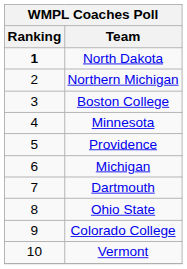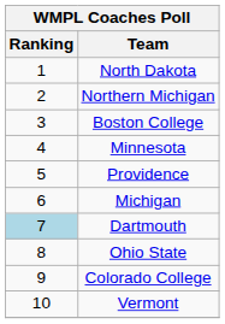 <table class="wikitable" style="text-align:center;">
 <tr>
 <th colspan=2><strong>WMPL Coaches Poll</strong></th>
 </tr>
 <tr>
 <th>Ranking</th>
 <th>Team</th>
 </tr>
 <tr>
-<td><strong>1</strong></td>
+<td>1</td>
 <td><a href='#'>North Dakota</a></td>
 </tr>
 <tr>
 <td>2</td>
 <td><a href='#'>Northern Michigan</a></td>
 </tr>
 <tr>
 <td>3</td>
 <td><a href='#'>Boston College</a></td>
 </tr>
 <tr>
 <td>4</td>
 <td><a href='#'>Minnesota</a></td>
 </tr>
 <tr>
 <td>5</td>
 <td><a href='#'>Providence</a></td>
 </tr>
 <tr>
 <td>6</td>
 <td><a href='#'>Michigan</a></td>
 </tr>
 <tr>
-<td>7</td>
+<td style="background: lightblue;">7</td>
 <td><a href='#'>Dartmouth</a></td>
 </tr>
 <tr>
 <td>8</td>
 <td><a href='#'>Ohio State</a></td>
 </tr>
 <tr>
 <td>9</td>
 <td><a href='#'>Colorado College</a></td>
 </tr>
 <tr>
 <td>10</td>
 <td><a href='#'>Vermont</a></td>
 </tr>
 <tr>
 </tr>
 </table>
